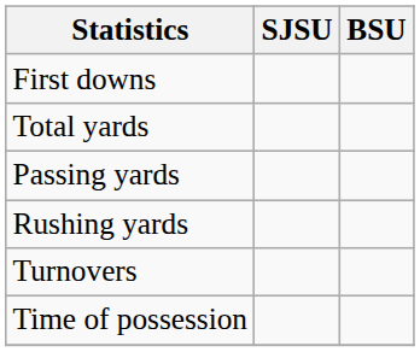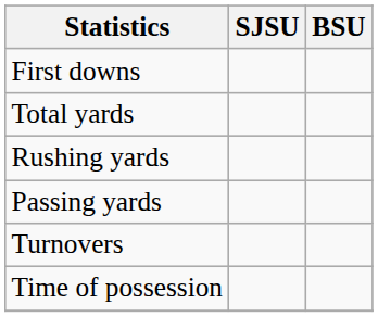 <table class="wikitable" style="float: left;">
 <tr>
 <th>Statistics</th>
 <th>SJSU</th>
 <th>BSU</th>
 </tr>
 <tr>
 <td>First downs</td>
 <td></td>
 <td></td>
 </tr>
 <tr>
 <td>Total yards</td>
 <td></td>
 <td></td>
 </tr>
 <tr>
-<td>Passing yards</td>
+<td>Rushing yards</td>
 <td></td>
 <td></td>
 </tr>
 <tr>
-<td>Rushing yards</td>
+<td>Passing yards</td>
 <td></td>
 <td></td>
 </tr>
 <tr>
 <td>Turnovers</td>
 <td></td>
 <td></td>
 </tr>
 <tr>
 <td>Time of possession</td>
 <td></td>
 <td></td>
 </tr>
 <tr>
 </tr>
 </table>
